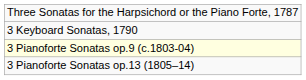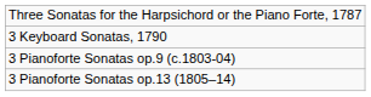 <table class="wikitable">
 <tr>
 <td>Three Sonatas for the Harpsichord or the Piano Forte, 1787</td>
 </tr>
 <tr>
 <td>3 Keyboard Sonatas, 1790</td>
 </tr>
 <tr>
-<td style="background: lightyellow;">3 Pianoforte Sonatas op.9 (c.1803-04)</td>
+<td>3 Pianoforte Sonatas op.9 (c.1803-04)</td>
 </tr>
 <tr>
 <td>3 Pianoforte Sonatas op.13 (1805–14)</td>
 </tr>
 </table>
